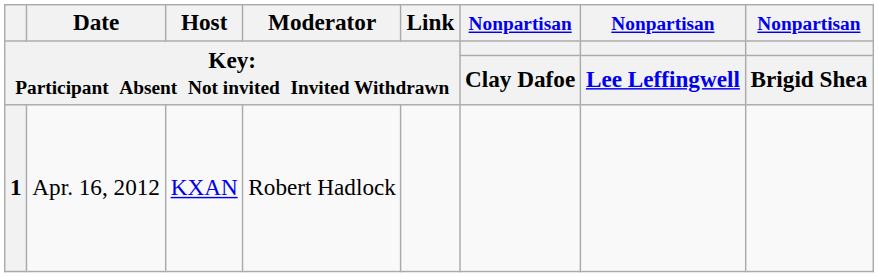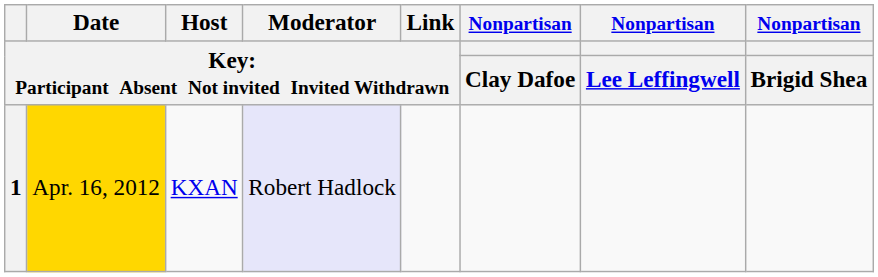 <table class="wikitable" style="text-align:center;">
 <tr>
 <th scope="col"></th>
 <th scope="col">Date</th>
 <th scope="col">Host</th>
 <th scope="col">Moderator</th>
 <th scope="col">Link</th>
 <th scope="col"><small><a href='#'>Nonpartisan</a></small></th>
 <th scope="col"><small><a href='#'>Nonpartisan</a></small></th>
 <th scope="col"><small><a href='#'>Nonpartisan</a></small></th>
 </tr>
 <tr>
 <th colspan="5" rowspan="2">Key:<br> <small>Participant </small>  <small>Absent </small>  <small>Not invited </small>  <small>Invited  Withdrawn</small></th>
 <th scope="col" style="background:"></th>
 <th scope="col" style="background:"></th>
 <th scope="col" style="background:"></th>
 </tr>
 <tr>
 <th scope="col">Clay Dafoe</th>
 <th scope="col"><a href='#'>Lee Leffingwell</a></th>
 <th scope="col">Brigid Shea</th>
 </tr>
 <tr>
 <th>1</th>
-<td style="white-space:nowrap;">Apr. 16, 2012</td>
+<td style="background: gold; white-space:nowrap;">Apr. 16, 2012</td>
 <td style="white-space:nowrap;"><a href='#'>KXAN</a></td>
-<td style="white-space:nowrap;">Robert Hadlock</td>
+<td style="background: lavender; white-space:nowrap;">Robert Hadlock</td>
 <td style="white-space:nowrap;"><br><br><br><br><br><br></td>
 <td></td>
 <td></td>
 <td></td>
 </tr>
 </table>
